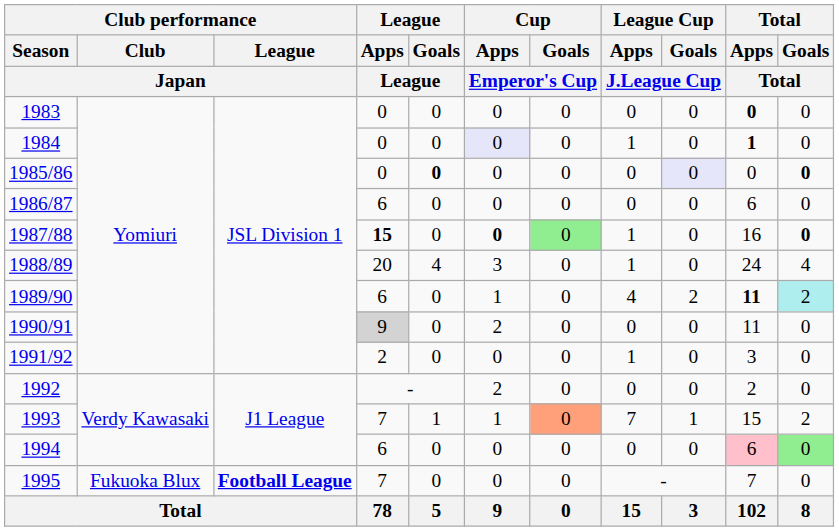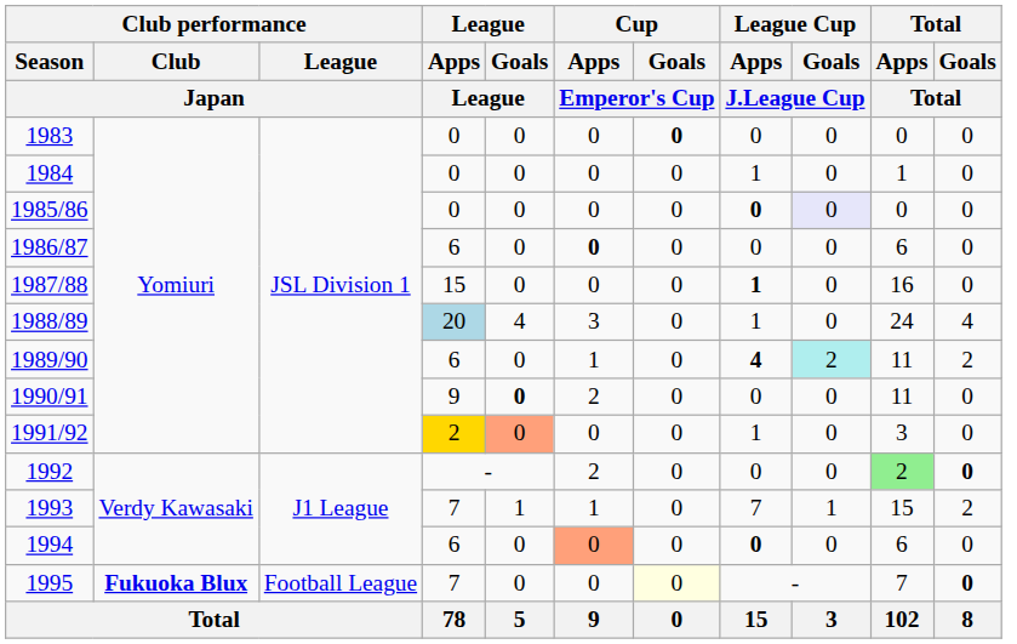 <table class="wikitable" style="text-align:center;">
 <tr>
 <th colspan=3>Club performance</th>
 <th colspan=2>League</th>
 <th colspan=2>Cup</th>
 <th colspan=2>League Cup</th>
 <th colspan=2>Total</th>
 </tr>
 <tr>
 <th>Season</th>
 <th>Club</th>
 <th>League</th>
 <th>Apps</th>
 <th>Goals</th>
 <th>Apps</th>
 <th>Goals</th>
 <th>Apps</th>
 <th>Goals</th>
 <th>Apps</th>
 <th>Goals</th>
 </tr>
 <tr>
 <th colspan=3>Japan</th>
 <th colspan=2>League</th>
 <th colspan=2><a href='#'>Emperor's Cup</a></th>
 <th colspan=2><a href='#'>J.League Cup</a></th>
 <th colspan=2>Total</th>
 </tr>
 <tr>
 <td><a href='#'>1983</a></td>
 <td rowspan="9"><a href='#'>Yomiuri</a></td>
 <td rowspan="9"><a href='#'>JSL Division 1</a></td>
 <td>0</td>
 <td>0</td>
 <td>0</td>
+<td><strong>0</strong></td>
 <td>0</td>
 <td>0</td>
 <td>0</td>
-<td><strong>0</strong></td>
 <td>0</td>
 </tr>
 <tr>
 <td><a href='#'>1984</a></td>
 <td>0</td>
 <td>0</td>
-<td style="background: lavender;">0</td>
+<td>0</td>
 <td>0</td>
 <td>1</td>
 <td>0</td>
-<td><strong>1</strong></td>
+<td>1</td>
 <td>0</td>
 </tr>
 <tr>
 <td><a href='#'>1985/86</a></td>
 <td>0</td>
-<td><strong>0</strong></td>
 <td>0</td>
 <td>0</td>
 <td>0</td>
+<td><strong>0</strong></td>
 <td style="background: lavender;">0</td>
 <td>0</td>
-<td><strong>0</strong></td>
+<td>0</td>
 </tr>
 <tr>
 <td><a href='#'>1986/87</a></td>
 <td>6</td>
 <td>0</td>
-<td>0</td>
+<td><strong>0</strong></td>
 <td>0</td>
 <td>0</td>
 <td>0</td>
 <td>6</td>
 <td>0</td>
 </tr>
 <tr>
 <td><a href='#'>1987/88</a></td>
-<td><strong>15</strong></td>
+<td>15</td>
 <td>0</td>
-<td><strong>0</strong></td>
-<td style="background: lightgreen;">0</td>
-<td>1</td>
+<td>0</td>
+<td>0</td>
+<td><strong>1</strong></td>
 <td>0</td>
 <td>16</td>
-<td><strong>0</strong></td>
+<td>0</td>
 </tr>
 <tr>
 <td><a href='#'>1988/89</a></td>
-<td>20</td>
+<td style="background: lightblue;">20</td>
 <td>4</td>
 <td>3</td>
 <td>0</td>
 <td>1</td>
 <td>0</td>
 <td>24</td>
 <td>4</td>
 </tr>
 <tr>
 <td><a href='#'>1989/90</a></td>
 <td>6</td>
 <td>0</td>
 <td>1</td>
 <td>0</td>
-<td>4</td>
+<td><strong>4</strong></td>
+<td style="background: paleturquoise;">2</td>
+<td>11</td>
 <td>2</td>
-<td><strong>11</strong></td>
-<td style="background: paleturquoise;">2</td>
 </tr>
 <tr>
 <td><a href='#'>1990/91</a></td>
-<td style="background: lightgrey;">9</td>
-<td>0</td>
+<td>9</td>
+<td><strong>0</strong></td>
 <td>2</td>
 <td>0</td>
 <td>0</td>
 <td>0</td>
 <td>11</td>
 <td>0</td>
 </tr>
 <tr>
 <td><a href='#'>1991/92</a></td>
-<td>2</td>
-<td>0</td>
+<td style="background: gold;">2</td>
+<td style="background: lightsalmon;">0</td>
 <td>0</td>
 <td>0</td>
 <td>1</td>
 <td>0</td>
 <td>3</td>
 <td>0</td>
 </tr>
 <tr>
 <td><a href='#'>1992</a></td>
 <td rowspan="3"><a href='#'>Verdy Kawasaki</a></td>
 <td rowspan="3"><a href='#'>J1 League</a></td>
 <td colspan="2">-</td>
 <td>2</td>
 <td>0</td>
 <td>0</td>
 <td>0</td>
-<td>2</td>
-<td>0</td>
+<td style="background: lightgreen;">2</td>
+<td><strong>0</strong></td>
 </tr>
 <tr>
 <td><a href='#'>1993</a></td>
 <td>7</td>
 <td>1</td>
 <td>1</td>
-<td style="background: lightsalmon;">0</td>
+<td>0</td>
 <td>7</td>
 <td>1</td>
 <td>15</td>
 <td>2</td>
 </tr>
 <tr>
 <td><a href='#'>1994</a></td>
 <td>6</td>
 <td>0</td>
+<td style="background: lightsalmon;">0</td>
 <td>0</td>
+<td><strong>0</strong></td>
 <td>0</td>
+<td>6</td>
 <td>0</td>
-<td>0</td>
-<td style="background: pink;">6</td>
-<td style="background: lightgreen;">0</td>
 </tr>
 <tr>
 <td><a href='#'>1995</a></td>
-<td><a href='#'>Fukuoka Blux</a></td>
-<td><strong><a href='#'>Football League</a></strong></td>
+<td><strong><a href='#'>Fukuoka Blux</a></strong></td>
+<td><a href='#'>Football League</a></td>
 <td>7</td>
 <td>0</td>
 <td>0</td>
-<td>0</td>
+<td style="background: lightyellow;">0</td>
 <td colspan="2">-</td>
 <td>7</td>
-<td>0</td>
+<td><strong>0</strong></td>
 </tr>
 <tr>
 <th colspan=3>Total</th>
 <th>78</th>
 <th>5</th>
 <th>9</th>
 <th>0</th>
 <th>15</th>
 <th>3</th>
 <th>102</th>
 <th>8</th>
 </tr>
 </table>
